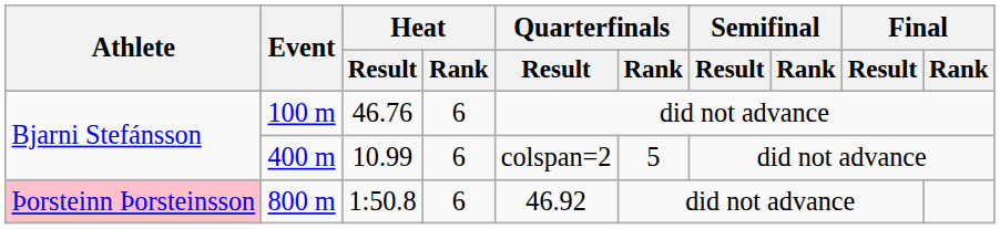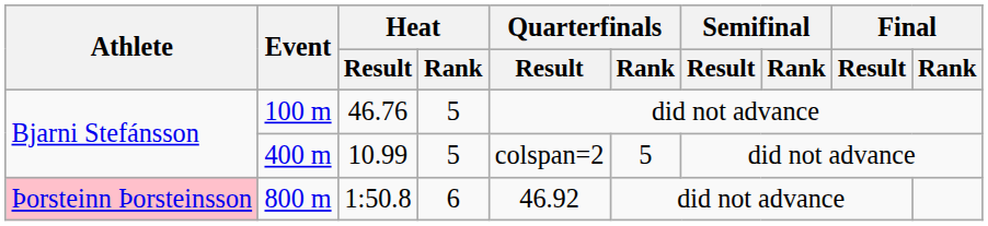 <table class="wikitable" style="font-size:90%">
 <tr>
 <th rowspan="2">Athlete</th>
 <th rowspan="2">Event</th>
 <th colspan="2">Heat</th>
 <th colspan="2">Quarterfinals</th>
 <th colspan="2">Semifinal</th>
 <th colspan="2">Final</th>
 </tr>
 <tr style="font-size:95%">
 <th>Result</th>
 <th>Rank</th>
 <th>Result</th>
 <th>Rank</th>
 <th>Result</th>
 <th>Rank</th>
 <th>Result</th>
 <th>Rank</th>
 </tr>
 <tr align=center>
 <td align=left rowspan=2><a href='#'>Bjarni Stefánsson</a></td>
 <td align=left><a href='#'>100 m</a></td>
 <td>46.76</td>
-<td>6</td>
+<td>5</td>
 <td colspan=6>did not advance</td>
 </tr>
 <tr align=center>
 <td align=left><a href='#'>400 m</a></td>
 <td>10.99</td>
-<td>6</td>
+<td>5</td>
 <td>colspan=2 </td>
 <td>5</td>
 <td colspan=4>did not advance</td>
 </tr>
 <tr align=center>
 <td align=left style="background: pink;"><a href='#'>Þorsteinn Þorsteinsson</a></td>
 <td align=left><a href='#'>800 m</a></td>
 <td>1:50.8</td>
 <td>6</td>
 <td>46.92</td>
 <td colspan=4>did not advance</td>
 </tr>
 </table>
